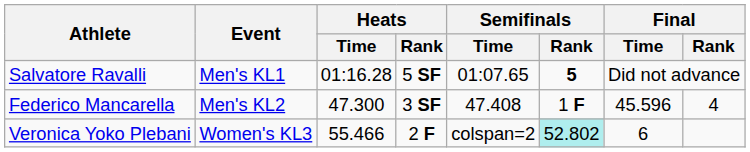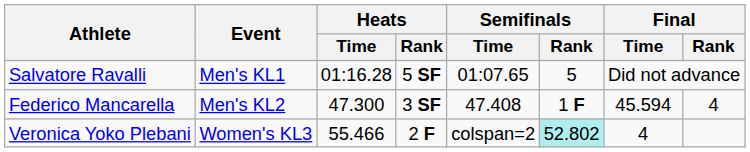 <table class=wikitable style="font-size:90%">
 <tr>
 <th rowspan="2">Athlete</th>
 <th rowspan="2">Event</th>
 <th colspan=2>Heats</th>
 <th colspan=2>Semifinals</th>
 <th colspan=2>Final</th>
 </tr>
 <tr style="font-size:95%">
 <th>Time</th>
 <th>Rank</th>
 <th>Time</th>
 <th>Rank</th>
 <th>Time</th>
 <th>Rank</th>
 </tr>
 <tr align=center>
 <td align=left><a href='#'>Salvatore Ravalli</a></td>
 <td align=left><a href='#'>Men's KL1</a></td>
 <td>01:16.28</td>
 <td>5 <strong>SF</strong></td>
 <td>01:07.65</td>
-<td><strong>5</strong></td>
+<td>5</td>
 <td colspan=2>Did not advance</td>
 </tr>
 <tr align=center>
 <td align=left><a href='#'>Federico Mancarella</a></td>
 <td align=left><a href='#'>Men's KL2</a></td>
 <td>47.300</td>
 <td>3 <strong>SF</strong></td>
 <td>47.408</td>
 <td>1 <strong>F</strong></td>
-<td>45.596</td>
+<td>45.594</td>
 <td>4</td>
 </tr>
 <tr align=center>
 <td align=left><a href='#'>Veronica Yoko Plebani</a></td>
 <td align=left><a href='#'>Women's KL3</a></td>
 <td>55.466</td>
 <td>2 <strong>F</strong></td>
 <td>colspan=2 </td>
 <td style="background: paleturquoise;">52.802</td>
-<td>6</td>
+<td>4</td>
 </tr>
 </table>
